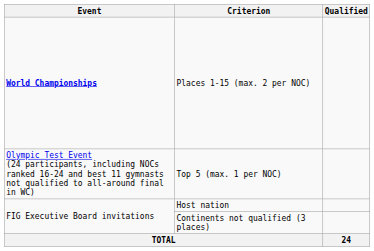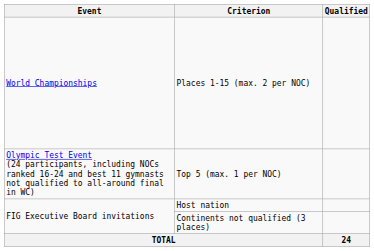 <table class="wikitable" style="width:600px;">
 <tr>
 <th>Event</th>
 <th>Criterion</th>
 <th>Qualified</th>
 </tr>
 <tr>
-<td><strong><a href='#'>World Championships</a></strong></td>
+<td><a href='#'>World Championships</a></td>
 <td>Places 1-15 (max. 2 per NOC)</td>
 <td nowrap>  <br>  <br>  <br> <br>  <br>  <br>  <br>  <br>  <br>  <br>  <br>  <br>  <br>  <br>  </td>
 </tr>
 <tr>
 <td><a href='#'>Olympic Test Event</a><br>(24 participants, including NOCs<br>ranked 16-24 and best 11 gymnasts<br>not qualified to all-around final in WC)</td>
 <td>Top 5 (max. 1 per NOC)</td>
 <td nowrap> <br> <br> <br> <br></td>
 </tr>
 <tr>
 <td rowspan=2>FIG Executive Board invitations</td>
 <td>Host nation</td>
 <td nowrap></td>
 </tr>
 <tr>
 <td>Continents not qualified (3 places)</td>
 <td nowrap> <br> <br></td>
 </tr>
 <tr>
 <th colspan="2">TOTAL</th>
 <th>24</th>
 </tr>
 </table>
